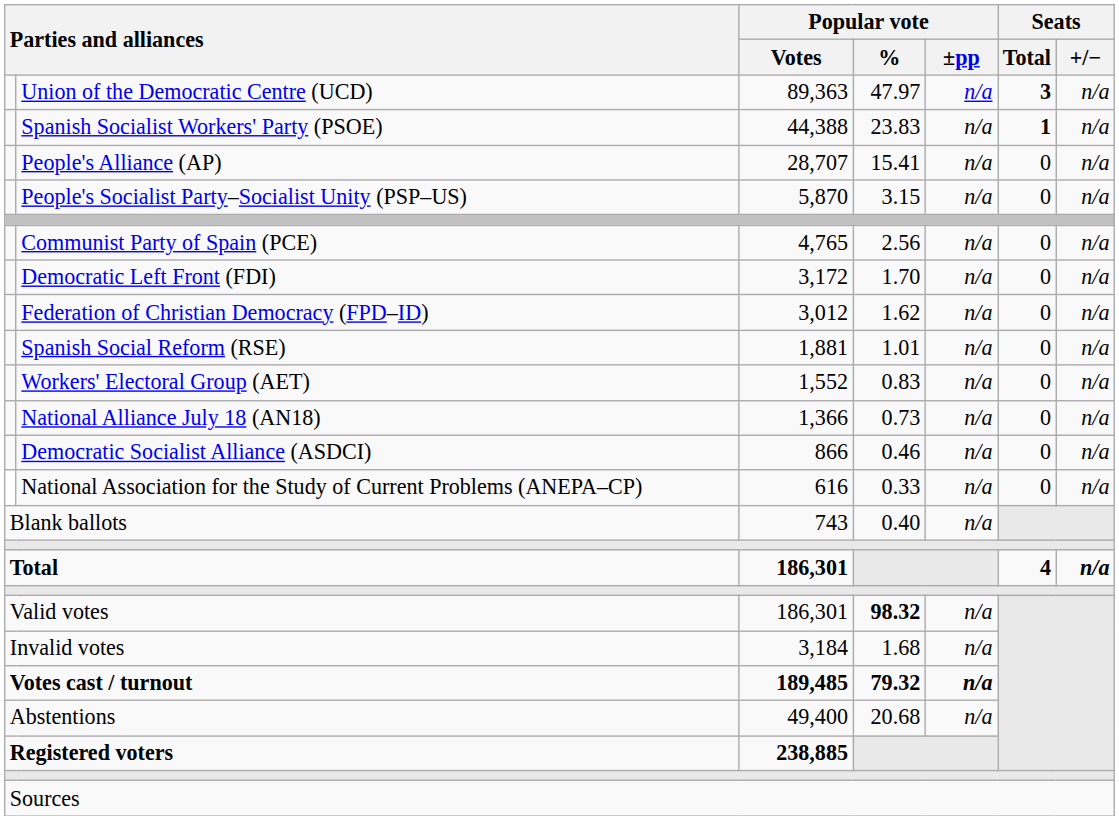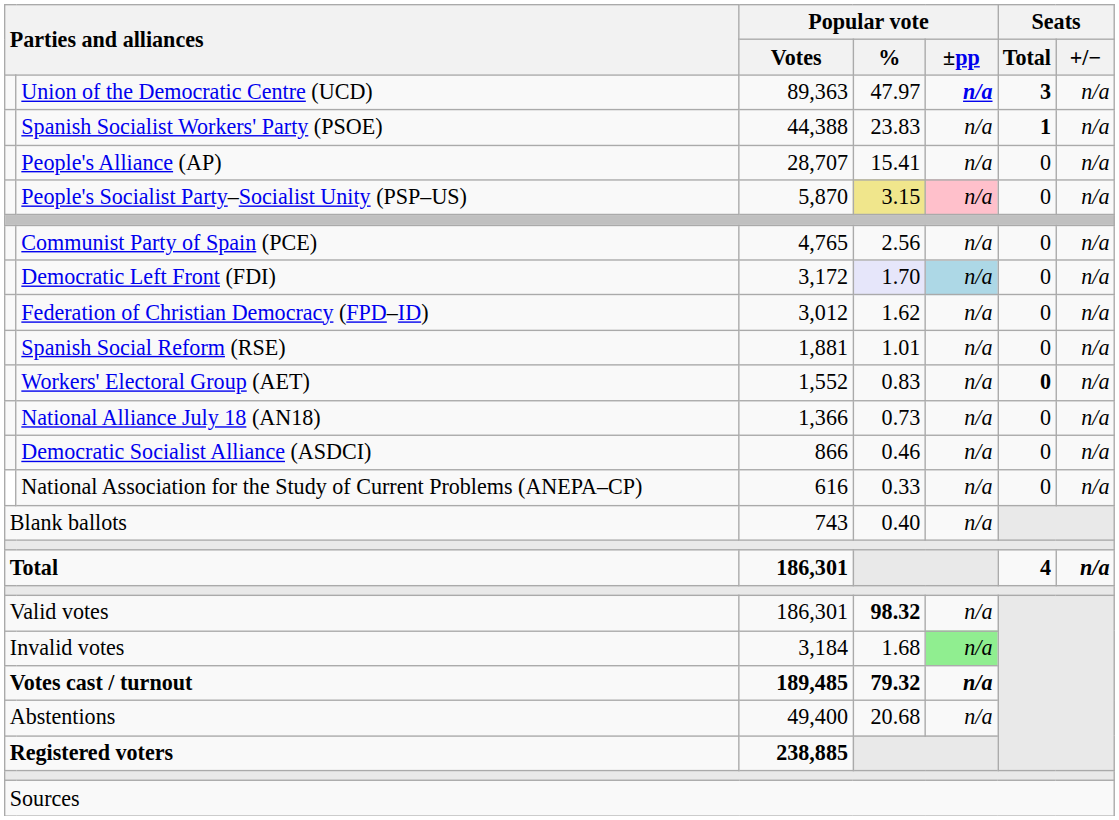 <table class="wikitable" style="text-align:right;">
 <tr>
 <th style="text-align:left;" rowspan="2" colspan="2" width="525">Parties and alliances</th>
 <th colspan="3">Popular vote</th>
 <th colspan="2">Seats</th>
 </tr>
 <tr>
 <th width="75">Votes</th>
 <th width="45">%</th>
 <th width="45">±<a href='#'>pp</a></th>
 <th width="35">Total</th>
 <th width="35">+/−</th>
 </tr>
 <tr>
 <td width="1" style="color:inherit;background:"></td>
 <td align="left"><a href='#'>Union of the Democratic Centre</a> (UCD)</td>
 <td>89,363</td>
 <td>47.97</td>
-<td><em><a href='#'>n/a</a></em></td>
+<td><strong><em><a href='#'>n/a</a></em></strong></td>
 <td><strong>3</strong></td>
 <td><em>n/a</em></td>
 </tr>
 <tr>
 <td style="color:inherit;background:"></td>
 <td align="left"><a href='#'>Spanish Socialist Workers' Party</a> (PSOE)</td>
 <td>44,388</td>
 <td>23.83</td>
 <td><em>n/a</em></td>
 <td><strong>1</strong></td>
 <td><em>n/a</em></td>
 </tr>
 <tr>
 <td style="color:inherit;background:"></td>
 <td align="left"><a href='#'>People's Alliance</a> (AP)</td>
 <td>28,707</td>
 <td>15.41</td>
 <td><em>n/a</em></td>
 <td>0</td>
 <td><em>n/a</em></td>
 </tr>
 <tr>
 <td style="color:inherit;background:"></td>
 <td align="left"><a href='#'>People's Socialist Party</a>–<a href='#'>Socialist Unity</a> (PSP–US)</td>
 <td>5,870</td>
-<td>3.15</td>
-<td><em>n/a</em></td>
+<td style="background: khaki;">3.15</td>
+<td style="background: pink;"><em>n/a</em></td>
 <td>0</td>
 <td><em>n/a</em></td>
 </tr>
 <tr>
 <td colspan="7" bgcolor="#C0C0C0"></td>
 </tr>
 <tr>
 <td style="color:inherit;background:"></td>
 <td align="left"><a href='#'>Communist Party of Spain</a> (PCE)</td>
 <td>4,765</td>
 <td>2.56</td>
 <td><em>n/a</em></td>
 <td>0</td>
 <td><em>n/a</em></td>
 </tr>
 <tr>
 <td style="color:inherit;background:"></td>
 <td align="left"><a href='#'>Democratic Left Front</a> (FDI)</td>
 <td>3,172</td>
-<td>1.70</td>
-<td><em>n/a</em></td>
+<td style="background: lavender;">1.70</td>
+<td style="background: lightblue;"><em>n/a</em></td>
 <td>0</td>
 <td><em>n/a</em></td>
 </tr>
 <tr>
 <td style="color:inherit;background:"></td>
 <td align="left"><a href='#'>Federation of Christian Democracy</a> (<a href='#'>FPD</a>–<a href='#'>ID</a>)</td>
 <td>3,012</td>
 <td>1.62</td>
 <td><em>n/a</em></td>
 <td>0</td>
 <td><em>n/a</em></td>
 </tr>
 <tr>
 <td style="color:inherit;background:"></td>
 <td align="left"><a href='#'>Spanish Social Reform</a> (RSE)</td>
 <td>1,881</td>
 <td>1.01</td>
 <td><em>n/a</em></td>
 <td>0</td>
 <td><em>n/a</em></td>
 </tr>
 <tr>
 <td style="color:inherit;background:"></td>
 <td align="left"><a href='#'>Workers' Electoral Group</a> (AET)</td>
 <td>1,552</td>
 <td>0.83</td>
 <td><em>n/a</em></td>
-<td>0</td>
+<td><strong>0</strong></td>
 <td><em>n/a</em></td>
 </tr>
 <tr>
 <td style="color:inherit;background:"></td>
 <td align="left"><a href='#'>National Alliance July 18</a> (AN18)</td>
 <td>1,366</td>
 <td>0.73</td>
 <td><em>n/a</em></td>
 <td>0</td>
 <td><em>n/a</em></td>
 </tr>
 <tr>
 <td style="color:inherit;background:"></td>
 <td align="left"><a href='#'>Democratic Socialist Alliance</a> (ASDCI)</td>
 <td>866</td>
 <td>0.46</td>
 <td><em>n/a</em></td>
 <td>0</td>
 <td><em>n/a</em></td>
 </tr>
 <tr>
 <td bgcolor="white"></td>
 <td align="left">National Association for the Study of Current Problems (ANEPA–CP)</td>
 <td>616</td>
 <td>0.33</td>
 <td><em>n/a</em></td>
 <td>0</td>
 <td><em>n/a</em></td>
 </tr>
 <tr>
 <td align="left" colspan="2">Blank ballots</td>
 <td>743</td>
 <td>0.40</td>
 <td><em>n/a</em></td>
 <td bgcolor="#E9E9E9" colspan="2"></td>
 </tr>
 <tr>
 <td colspan="7" bgcolor="#E9E9E9"></td>
 </tr>
 <tr style="font-weight:bold;">
 <td align="left" colspan="2">Total</td>
 <td>186,301</td>
 <td bgcolor="#E9E9E9" colspan="2"></td>
 <td>4</td>
 <td><em>n/a</em></td>
 </tr>
 <tr>
 <td colspan="7" bgcolor="#E9E9E9"></td>
 </tr>
 <tr>
 <td align="left" colspan="2">Valid votes</td>
 <td>186,301</td>
 <td><strong>98.32</strong></td>
 <td><em>n/a</em></td>
 <td bgcolor="#E9E9E9" colspan="2" rowspan="5"></td>
 </tr>
 <tr>
 <td align="left" colspan="2">Invalid votes</td>
 <td>3,184</td>
 <td>1.68</td>
-<td><em>n/a</em></td>
+<td style="background: lightgreen;"><em>n/a</em></td>
 </tr>
 <tr style="font-weight:bold;">
 <td align="left" colspan="2">Votes cast / turnout</td>
 <td>189,485</td>
 <td>79.32</td>
 <td><em>n/a</em></td>
 </tr>
 <tr>
 <td align="left" colspan="2">Abstentions</td>
 <td>49,400</td>
 <td>20.68</td>
 <td><em>n/a</em></td>
 </tr>
 <tr style="font-weight:bold;">
 <td align="left" colspan="2">Registered voters</td>
 <td>238,885</td>
 <td bgcolor="#E9E9E9" colspan="2"></td>
 </tr>
 <tr>
 <td colspan="7" bgcolor="#E9E9E9"></td>
 </tr>
 <tr>
 <td align="left" colspan="7">Sources</td>
 </tr>
 </table>
